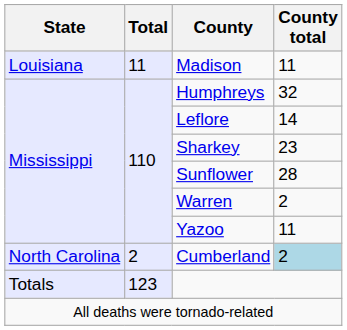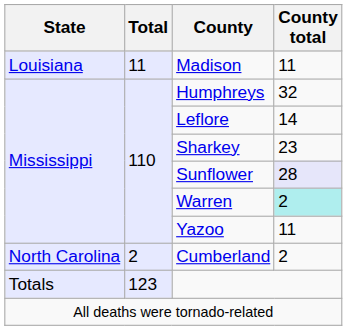 <table class="wikitable" style="margin:0 0 0.5em 1em;float:left;">
 <tr>
 <th>State</th>
 <th>Total</th>
 <th>County</th>
 <th>County<br>total</th>
 </tr>
 <tr>
 <td rowspan=1 bgcolor="#e6e9ff"><a href='#'>Louisiana</a></td>
 <td rowspan=1 bgcolor="#e6e9ff">11</td>
 <td><a href='#'>Madison</a></td>
 <td>11</td>
 </tr>
 <tr>
 <td rowspan=6 bgcolor="#e6e9ff"><a href='#'>Mississippi</a></td>
 <td rowspan=6 bgcolor="#e6e9ff">110</td>
 <td><a href='#'>Humphreys</a></td>
 <td>32</td>
 </tr>
 <tr>
 <td><a href='#'>Leflore</a></td>
 <td>14</td>
 </tr>
 <tr>
 <td><a href='#'>Sharkey</a></td>
 <td>23</td>
 </tr>
 <tr>
 <td><a href='#'>Sunflower</a></td>
-<td>28</td>
+<td style="background: lavender;">28</td>
 </tr>
 <tr>
 <td><a href='#'>Warren</a></td>
-<td>2</td>
+<td style="background: paleturquoise;">2</td>
 </tr>
 <tr>
 <td><a href='#'>Yazoo</a></td>
 <td>11</td>
 </tr>
 <tr>
 <td rowspan=1 bgcolor="#e6e9ff"><a href='#'>North Carolina</a></td>
 <td rowspan=1 bgcolor="#e6e9ff">2</td>
 <td><a href='#'>Cumberland</a></td>
-<td style="background: lightblue;">2</td>
+<td>2</td>
 </tr>
 <tr>
 <td bgcolor="#e6e9ff">Totals</td>
 <td bgcolor="#e6e9ff">123</td>
 <td colspan=2></td>
 </tr>
 <tr>
 <td colspan=4 align=center><small>All deaths were tornado-related</small></td>
 </tr>
 </table>
